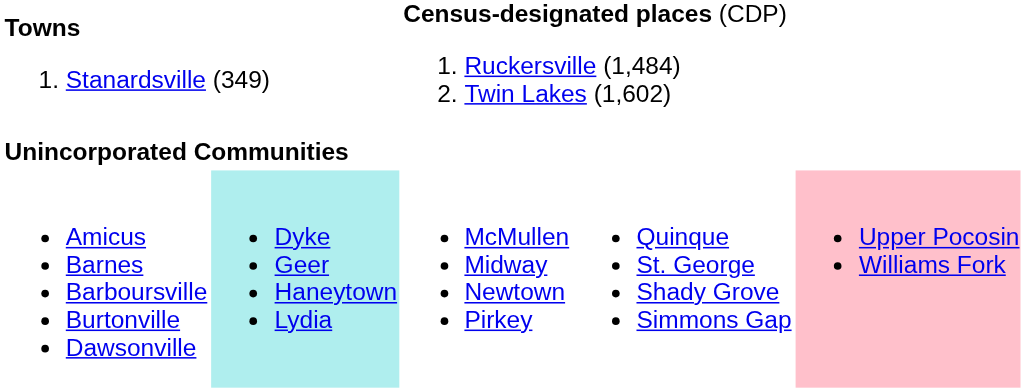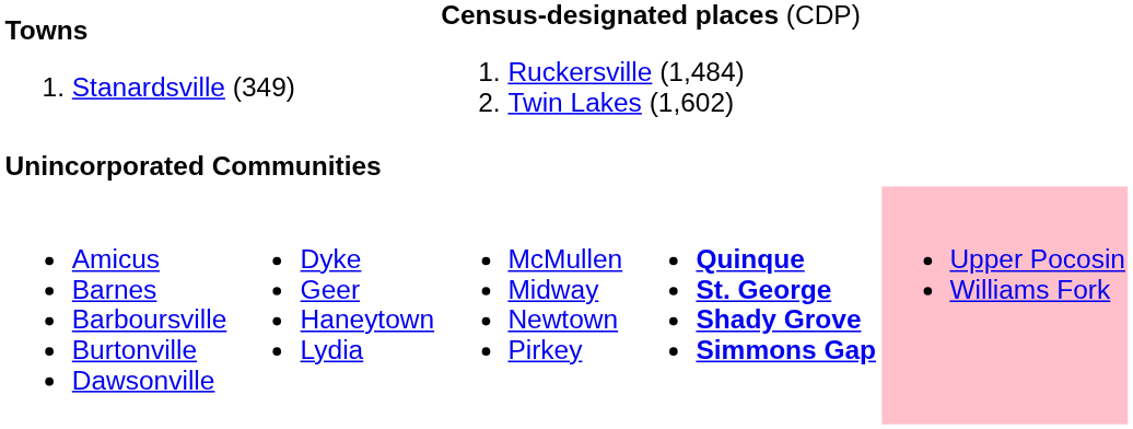 <table class="toptextcells">
 <tr>
 <td colspan="2"><strong>Towns</strong><br><ol><li><a href='#'>Stanardsville</a> (349)</li></ol></td>
 <td colspan="2"><strong>Census-designated places</strong> (CDP)<br><ol><li><a href='#'>Ruckersville</a> (1,484)</li><li><a href='#'>Twin Lakes</a> (1,602)</li></ol></td>
 <td></td>
 </tr>
 <tr>
 <td colspan="4"><strong>Unincorporated Communities</strong></td>
 <td></td>
 </tr>
 <tr valign="top">
 <td><br><ul><li><a href='#'>Amicus</a></li><li><a href='#'>Barnes</a></li><li><a href='#'>Barboursville</a></li><li><a href='#'>Burtonville</a></li><li><a href='#'>Dawsonville</a></li></ul></td>
-<td style="background: paleturquoise;"><br><ul><li><a href='#'>Dyke</a></li><li><a href='#'>Geer</a></li><li><a href='#'>Haneytown</a></li><li><a href='#'>Lydia</a></li></ul></td>
+<td><br><ul><li><a href='#'>Dyke</a></li><li><a href='#'>Geer</a></li><li><a href='#'>Haneytown</a></li><li><a href='#'>Lydia</a></li></ul></td>
 <td><br><ul><li><a href='#'>McMullen</a></li><li><a href='#'>Midway</a></li><li><a href='#'>Newtown</a></li><li><a href='#'>Pirkey</a></li></ul></td>
-<td><br><ul><li><a href='#'>Quinque</a></li><li><a href='#'>St. George</a></li><li><a href='#'>Shady Grove</a></li><li><a href='#'>Simmons Gap</a></li></ul></td>
+<td><strong><br><ul><li><a href='#'>Quinque</a></li><li><a href='#'>St. George</a></li><li><a href='#'>Shady Grove</a></li><li><a href='#'>Simmons Gap</a></li></ul></strong></td>
 <td style="background: pink;"><br><ul><li><a href='#'>Upper Pocosin</a></li><li><a href='#'>Williams Fork</a></li></ul></td>
 </tr>
 </table>
